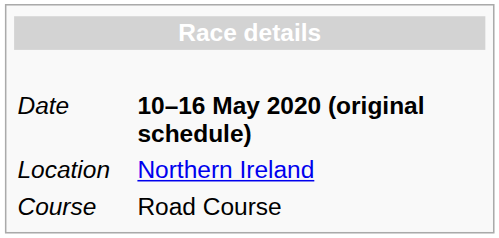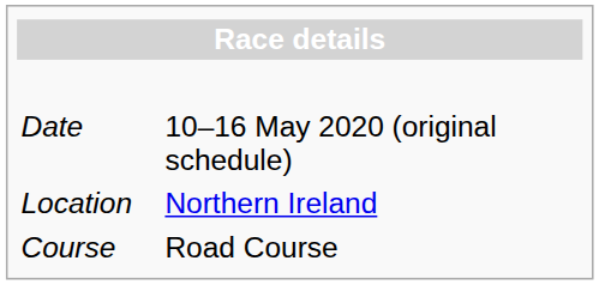 <table class="infobox" align="right" cellpadding="2" style="float:right; width: 20em;">
 <tr>
 </tr>
 <tr>
 <th colspan="3" style="background:lightgrey; color:#ffffff;">Race details</th>
 </tr>
 <tr>
 <td colspan="3" style="text-align:center;"><br></td>
 </tr>
 <tr>
 <td style="width: 25%;"><em>Date</em></td>
-<td><strong>10–16 May 2020 (original schedule)</strong></td>
+<td>10–16 May 2020 (original schedule)</td>
 </tr>
 <tr>
 <td><em>Location</em></td>
 <td colspan=3><a href='#'>Northern Ireland</a></td>
 </tr>
 <tr>
 <td><em>Course</em></td>
 <td colspan=3>Road Course <br> </td>
 </tr>
 </table>
